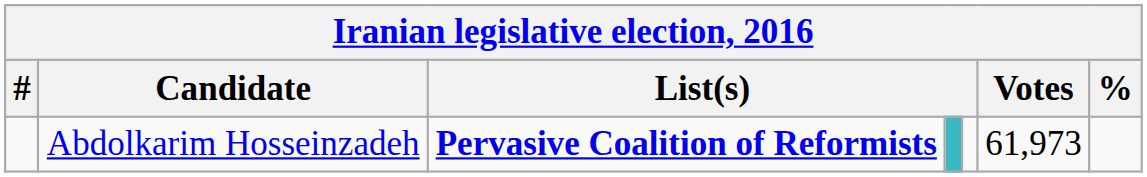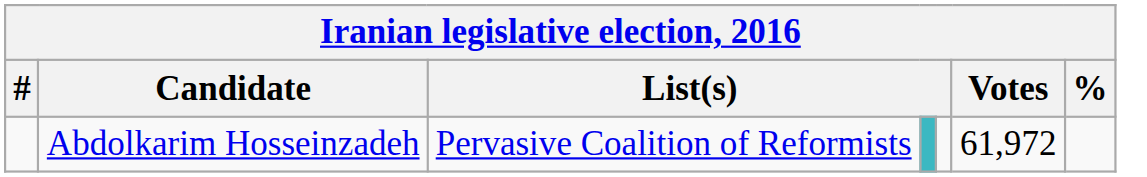 <table class=wikitable style=text-align:left>
 <tr>
 <th colspan="7" align=center><a href='#'>Iranian legislative election, 2016</a></th>
 </tr>
 <tr>
 <th>#</th>
 <th>Candidate</th>
 <th colspan="3">List(s)</th>
 <th>Votes</th>
 <th>%</th>
 </tr>
 <tr>
 <td></td>
 <td><a href='#'>Abdolkarim Hosseinzadeh</a></td>
-<td><strong><a href='#'>Pervasive Coalition of Reformists</a></strong></td>
+<td><a href='#'>Pervasive Coalition of Reformists</a></td>
 <td style="background:#3cb8c2"></td>
 <td></td>
-<td>61,973</td>
+<td>61,972</td>
 <td></td>
 </tr>
 </table>
